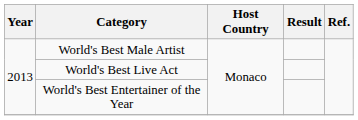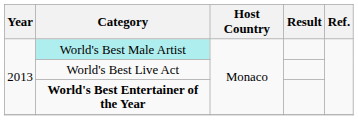 <table class="wikitable" style="text-align:center" width=70%>
 <tr>
 <th>Year</th>
 <th>Category</th>
 <th>Host Country</th>
 <th>Result</th>
 <th>Ref.</th>
 </tr>
 <tr>
 <td rowspan=3>2013</td>
-<td>World's Best Male Artist</td>
+<td style="background: paleturquoise;">World's Best Male Artist</td>
 <td rowspan=3>Monaco</td>
 <td></td>
 <td rowspan=3></td>
 </tr>
 <tr>
 <td>World's Best Live Act</td>
 <td></td>
 </tr>
 <tr>
-<td>World's Best Entertainer of the Year</td>
+<td><strong>World's Best Entertainer of the Year</strong></td>
 <td></td>
 </tr>
 <tr>
 </tr>
 </table>
